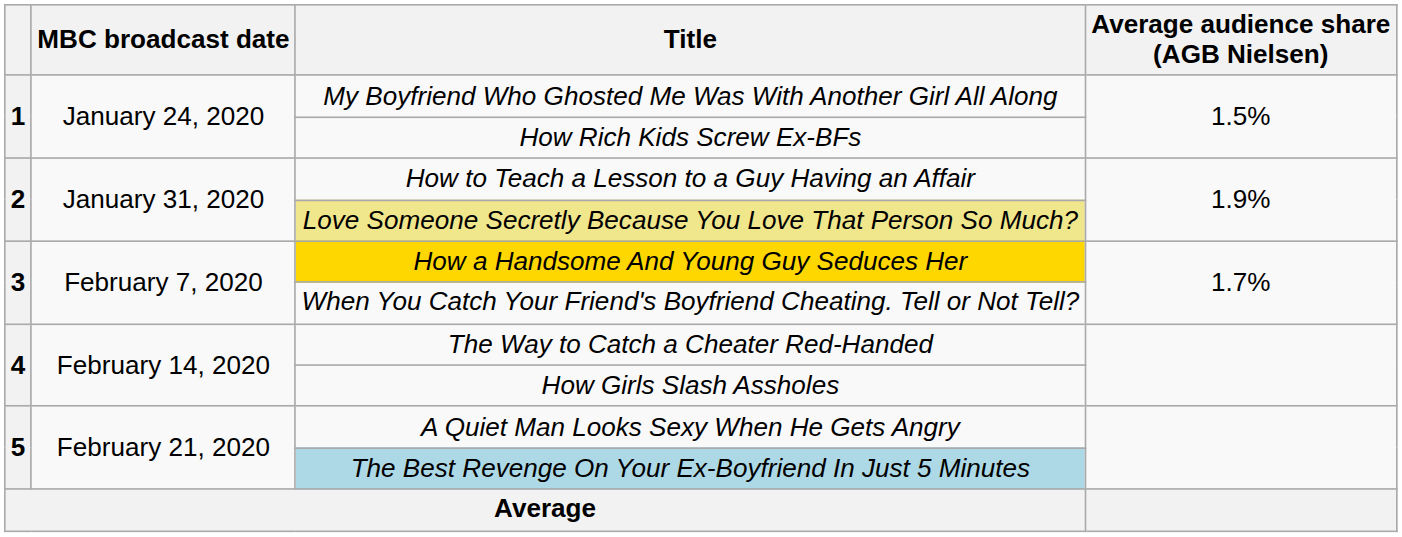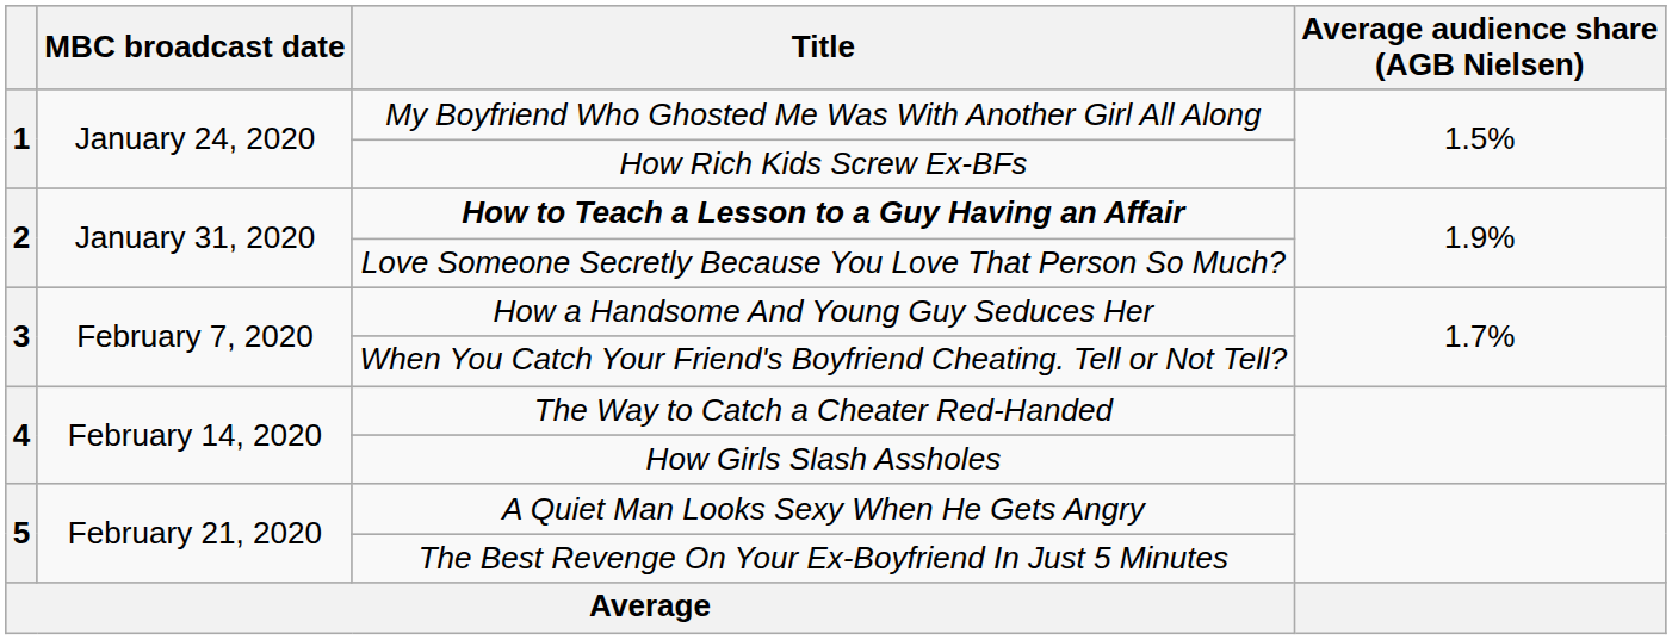 <table class="wikitable" style="text-align:center">
 <tr>
 <th></th>
 <th>MBC broadcast date</th>
 <th>Title</th>
 <th>Average audience share<br>(AGB Nielsen)</th>
 </tr>
 <tr>
 <th rowspan="2">1</th>
 <td rowspan="2">January 24, 2020</td>
 <td><em>My Boyfriend Who Ghosted Me Was With Another Girl All Along</em></td>
 <td rowspan="2">1.5%</td>
 </tr>
 <tr>
 <td><em>How Rich Kids Screw Ex-BFs</em></td>
 </tr>
 <tr>
 <th rowspan="2">2</th>
 <td rowspan="2">January 31, 2020</td>
-<td><em>How to Teach a Lesson to a Guy Having an Affair</em></td>
+<td><strong><em>How to Teach a Lesson to a Guy Having an Affair</em></strong></td>
 <td rowspan="2">1.9%</td>
 </tr>
 <tr>
-<td style="background: khaki;"><em>Love Someone Secretly Because You Love That Person So Much?</em></td>
+<td><em>Love Someone Secretly Because You Love That Person So Much?</em></td>
 </tr>
 <tr>
 <th rowspan="2">3</th>
 <td rowspan="2">February 7, 2020</td>
-<td style="background: gold;"><em>How a Handsome And Young Guy Seduces Her</em></td>
+<td><em>How a Handsome And Young Guy Seduces Her</em></td>
 <td rowspan="2">1.7%</td>
 </tr>
 <tr>
 <td><em>When You Catch Your Friend's Boyfriend Cheating. Tell or Not Tell?</em></td>
 </tr>
 <tr>
 <th rowspan="2">4</th>
 <td rowspan="2">February 14, 2020</td>
 <td><em>The Way to Catch a Cheater Red-Handed</em></td>
 <td rowspan="2"></td>
 </tr>
 <tr>
 <td><em>How Girls Slash Assholes</em></td>
 </tr>
 <tr>
 <th rowspan="2">5</th>
 <td rowspan="2">February 21, 2020</td>
 <td><em>A Quiet Man Looks Sexy When He Gets Angry</em></td>
 <td rowspan="2"></td>
 </tr>
 <tr>
-<td style="background: lightblue;"><em>The Best Revenge On Your Ex-Boyfriend In Just 5 Minutes</em></td>
+<td><em>The Best Revenge On Your Ex-Boyfriend In Just 5 Minutes</em></td>
 </tr>
 <tr>
 <th colspan="3">Average</th>
 <th></th>
 </tr>
 </table>
